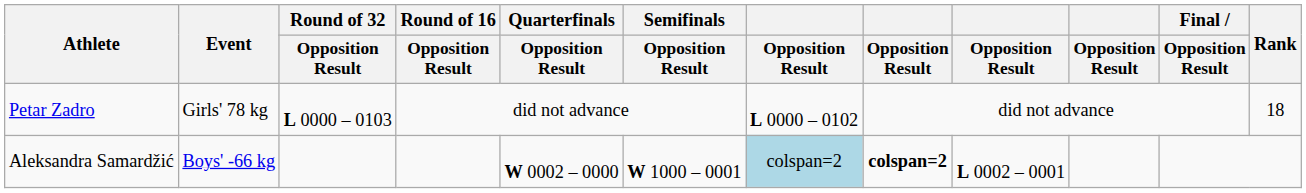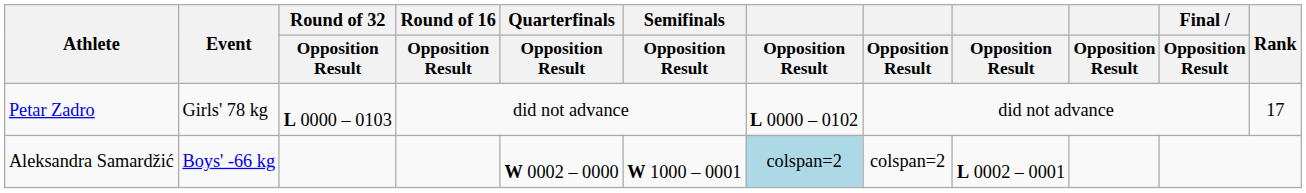 <table class="wikitable" style="font-size:90%">
 <tr>
 <th rowspan="2">Athlete</th>
 <th rowspan="2">Event</th>
 <th>Round of 32</th>
 <th>Round of 16</th>
 <th>Quarterfinals</th>
 <th>Semifinals</th>
 <th></th>
 <th></th>
 <th></th>
 <th></th>
 <th>Final / </th>
 <th rowspan=2>Rank</th>
 </tr>
 <tr style="font-size:95%">
 <th>Opposition<br>Result</th>
 <th>Opposition<br>Result</th>
 <th>Opposition<br>Result</th>
 <th>Opposition<br>Result</th>
 <th>Opposition<br>Result</th>
 <th>Opposition<br>Result</th>
 <th>Opposition<br>Result</th>
 <th>Opposition<br>Result</th>
 <th>Opposition<br>Result</th>
 </tr>
 <tr align=center>
 <td align=left><a href='#'>Petar Zadro</a></td>
 <td align=left>Girls' 78 kg</td>
 <td><br><strong>L</strong> 0000 – 0103</td>
 <td colspan=3>did not advance</td>
 <td><br><strong>L</strong> 0000 – 0102</td>
 <td colspan=4>did not advance</td>
-<td>18</td>
+<td>17</td>
 </tr>
 <tr align=center>
 <td align=left>Aleksandra Samardžić</td>
 <td align=left><a href='#'>Boys' -66 kg</a></td>
 <td></td>
 <td></td>
 <td><br><strong>W</strong> 0002 – 0000</td>
 <td><br><strong>W</strong> 1000 – 0001</td>
 <td style="background: lightblue;">colspan=2 </td>
-<td><strong>colspan=2 </strong></td>
+<td>colspan=2 </td>
 <td><br><strong>L</strong> 0002 – 0001</td>
 <td></td>
 </tr>
 </table>
